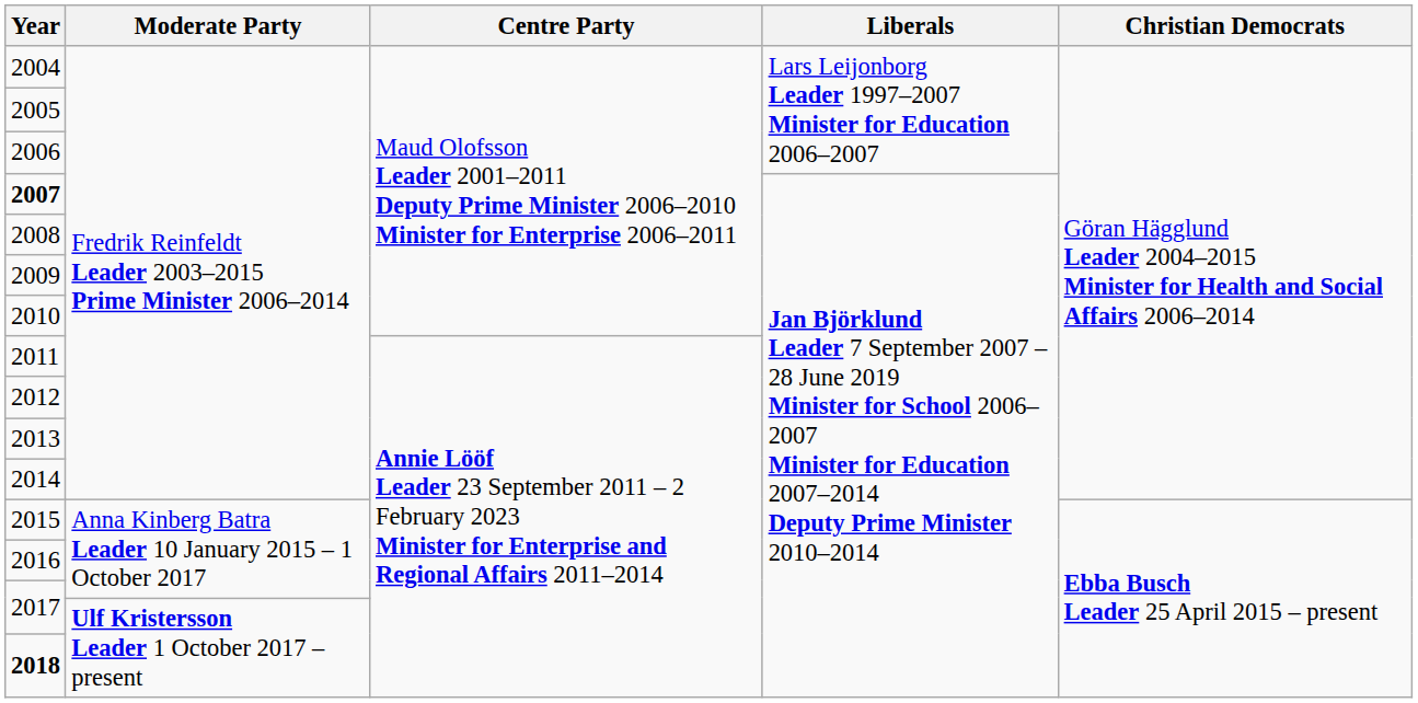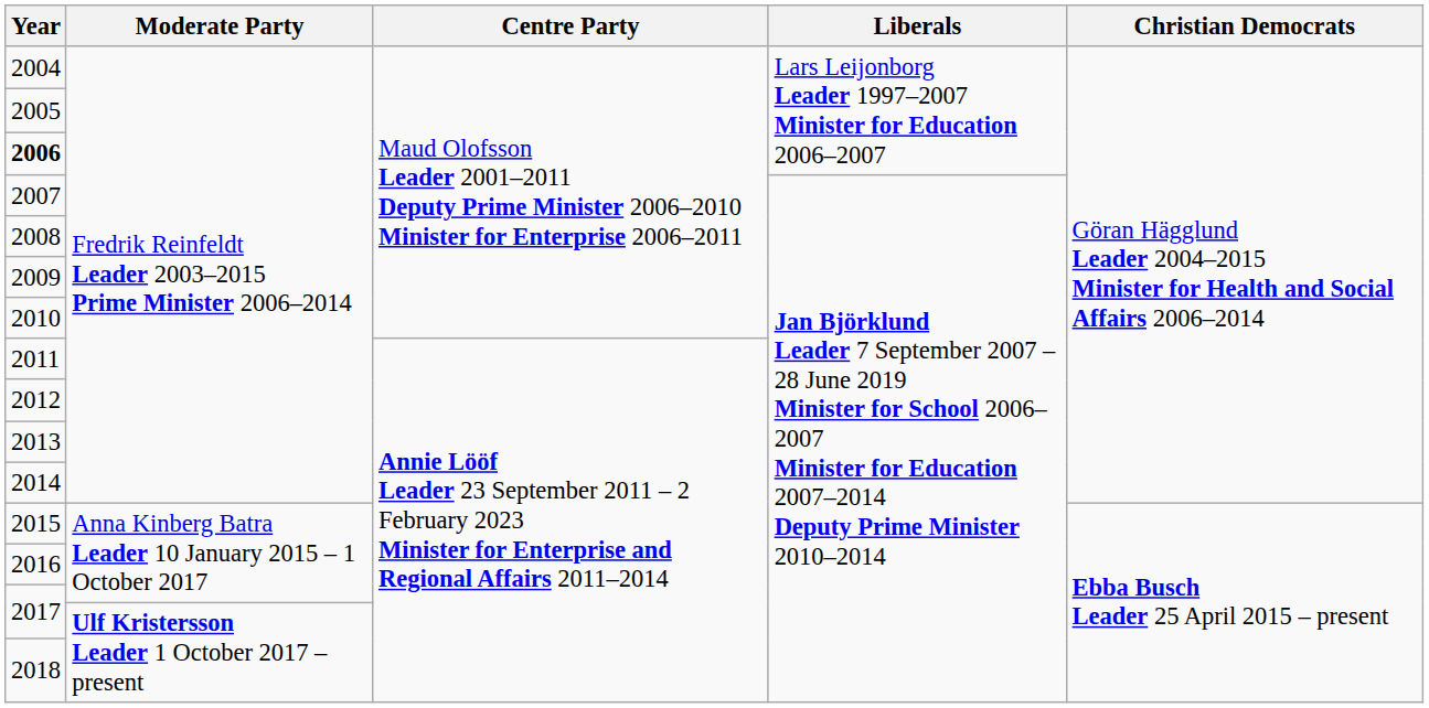 <table class="wikitable" style="font-size:95%;">
 <tr>
 <th>Year</th>
 <th>Moderate Party</th>
 <th>Centre Party</th>
 <th>Liberals</th>
 <th>Christian Democrats</th>
 </tr>
 <tr>
 <td>2004</td>
 <td rowspan=12><a href='#'>Fredrik Reinfeldt</a><br><strong><a href='#'>Leader</a></strong> 2003–2015<br><strong><a href='#'>Prime Minister</a></strong> 2006–2014</td>
 <td rowspan=7><a href='#'>Maud Olofsson</a><br><strong><a href='#'>Leader</a></strong> 2001–2011<br><strong><a href='#'>Deputy Prime Minister</a></strong> 2006–2010<br><strong><a href='#'>Minister for Enterprise</a></strong> 2006–2011</td>
 <td rowspan=3><a href='#'>Lars Leijonborg</a><br><strong><a href='#'>Leader</a></strong> 1997–2007<br><strong><a href='#'>Minister for Education</a></strong> 2006–2007</td>
 <td rowspan=12><a href='#'>Göran Hägglund</a><br><strong><a href='#'>Leader</a></strong> 2004–2015<br><strong><a href='#'>Minister for Health and Social Affairs</a></strong> 2006–2014</td>
 </tr>
 <tr>
 <td>2005</td>
 </tr>
 <tr>
-<td>2006</td>
+<td><strong>2006</strong></td>
 </tr>
 <tr>
-<td><strong>2007</strong></td>
+<td>2007</td>
 <td rowspan=14><strong><a href='#'>Jan Björklund</a></strong><br><strong><a href='#'>Leader</a></strong> 7 September 2007 – 28 June 2019 <br><strong><a href='#'>Minister for School</a></strong> 2006–2007<br><strong><a href='#'>Minister for Education</a></strong> 2007–2014<br><strong><a href='#'>Deputy Prime Minister</a></strong> 2010–2014</td>
 </tr>
 <tr>
 <td>2008</td>
 </tr>
 <tr>
 <td>2009</td>
 </tr>
 <tr>
 <td>2010</td>
 </tr>
 <tr>
 <td>2011</td>
 <td rowspan=10><strong><a href='#'>Annie Lööf</a></strong><br><strong><a href='#'>Leader</a></strong> 23 September 2011 – 2 February 2023<br><strong><a href='#'>Minister for Enterprise and Regional Affairs</a></strong> 2011–2014</td>
 </tr>
 <tr>
 <td>2012</td>
 </tr>
 <tr>
 <td>2013</td>
 </tr>
 <tr>
 <td>2014</td>
 </tr>
 <tr>
 <td rowspan=2>2015</td>
 </tr>
 <tr>
 <td rowspan=3><a href='#'>Anna Kinberg Batra</a><br><strong><a href='#'>Leader</a></strong> 10 January 2015 – 1 October 2017</td>
 <td rowspan=5><strong><a href='#'>Ebba Busch</a></strong><br><strong><a href='#'>Leader</a></strong> 25 April 2015 – present</td>
 </tr>
 <tr>
 <td>2016</td>
 </tr>
 <tr>
 <td rowspan=2>2017</td>
 </tr>
 <tr>
 <td rowspan=2><strong><a href='#'>Ulf Kristersson</a></strong><br><strong><a href='#'>Leader</a></strong> 1 October 2017 – present</td>
 </tr>
 <tr>
-<td><strong>2018</strong></td>
+<td>2018</td>
 </tr>
 </table>
